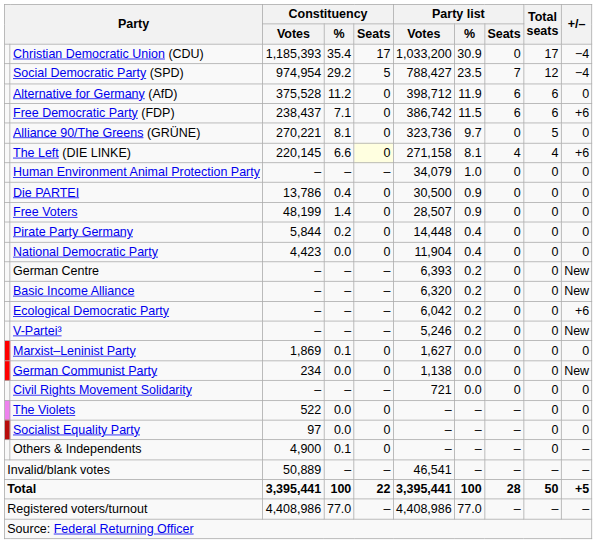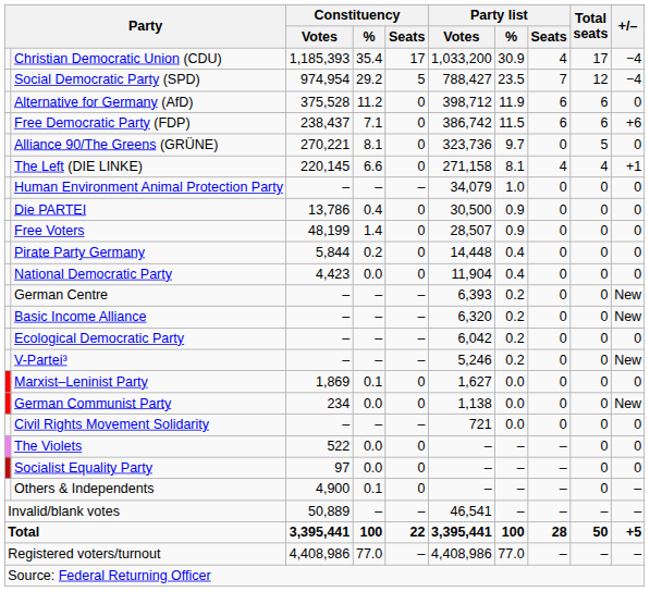 <table class="wikitable" style="text-align:right">
 <tr>
 <th colspan="2" rowspan="2">Party</th>
 <th colspan="3">Constituency</th>
 <th colspan="3">Party list</th>
 <th rowspan="2">Total<br>seats</th>
 <th rowspan="2">+/–</th>
 </tr>
 <tr>
 <th>Votes</th>
 <th>%</th>
 <th>Seats</th>
 <th>Votes</th>
 <th>%</th>
 <th>Seats</th>
 </tr>
 <tr>
 <td></td>
 <td align="left"><a href='#'>Christian Democratic Union</a> (CDU)</td>
 <td>1,185,393</td>
 <td>35.4</td>
 <td>17</td>
 <td>1,033,200</td>
 <td>30.9</td>
-<td>0</td>
+<td>4</td>
 <td>17</td>
 <td>−4</td>
 </tr>
 <tr>
 <td></td>
 <td align="left"><a href='#'>Social Democratic Party</a> (SPD)</td>
 <td>974,954</td>
 <td>29.2</td>
 <td>5</td>
 <td>788,427</td>
 <td>23.5</td>
 <td>7</td>
 <td>12</td>
 <td>−4</td>
 </tr>
 <tr>
 <td></td>
 <td align="left"><a href='#'>Alternative for Germany</a> (AfD)</td>
 <td>375,528</td>
 <td>11.2</td>
 <td>0</td>
 <td>398,712</td>
 <td>11.9</td>
 <td>6</td>
 <td>6</td>
 <td>0</td>
 </tr>
 <tr>
 <td></td>
 <td align="left"><a href='#'>Free Democratic Party</a> (FDP)</td>
 <td>238,437</td>
 <td>7.1</td>
 <td>0</td>
 <td>386,742</td>
 <td>11.5</td>
 <td>6</td>
 <td>6</td>
 <td>+6</td>
 </tr>
 <tr>
 <td></td>
 <td align="left"><a href='#'>Alliance 90/The Greens</a> (GRÜNE)</td>
 <td>270,221</td>
 <td>8.1</td>
 <td>0</td>
 <td>323,736</td>
 <td>9.7</td>
 <td>0</td>
 <td>5</td>
 <td>0</td>
 </tr>
 <tr>
 <td></td>
 <td align="left"><a href='#'>The Left</a> (DIE LINKE)</td>
 <td>220,145</td>
 <td>6.6</td>
-<td style="background: lightyellow;">0</td>
+<td>0</td>
 <td>271,158</td>
 <td>8.1</td>
 <td>4</td>
 <td>4</td>
-<td>+6</td>
+<td>+1</td>
 </tr>
 <tr>
 <td style="background-color:"></td>
 <td align="left"><a href='#'>Human Environment Animal Protection Party</a></td>
 <td>–</td>
 <td>–</td>
 <td>–</td>
 <td>34,079</td>
 <td>1.0</td>
 <td>0</td>
 <td>0</td>
 <td>0</td>
 </tr>
 <tr>
 <td style="background-color:"></td>
 <td align="left"><a href='#'>Die PARTEI</a></td>
 <td>13,786</td>
 <td>0.4</td>
 <td>0</td>
 <td>30,500</td>
 <td>0.9</td>
 <td>0</td>
 <td>0</td>
 <td>0</td>
 </tr>
 <tr>
 <td style="background-color:"></td>
 <td align="left"><a href='#'>Free Voters</a></td>
 <td>48,199</td>
 <td>1.4</td>
 <td>0</td>
 <td>28,507</td>
 <td>0.9</td>
 <td>0</td>
 <td>0</td>
 <td>0</td>
 </tr>
 <tr>
 <td style="background-color:"></td>
 <td align="left"><a href='#'>Pirate Party Germany</a></td>
 <td>5,844</td>
 <td>0.2</td>
 <td>0</td>
 <td>14,448</td>
 <td>0.4</td>
 <td>0</td>
 <td>0</td>
 <td>0</td>
 </tr>
 <tr>
 <td style="background-color:"></td>
 <td align="left"><a href='#'>National Democratic Party</a></td>
 <td>4,423</td>
 <td>0.0</td>
 <td>0</td>
 <td>11,904</td>
 <td>0.4</td>
 <td>0</td>
 <td>0</td>
 <td>0</td>
 </tr>
 <tr>
 <td></td>
 <td align="left">German Centre</td>
 <td>–</td>
 <td>–</td>
 <td>–</td>
 <td>6,393</td>
 <td>0.2</td>
 <td>0</td>
 <td>0</td>
 <td>New</td>
 </tr>
 <tr>
 <td style="background-color:"></td>
 <td align="left"><a href='#'>Basic Income Alliance</a></td>
 <td>–</td>
 <td>–</td>
 <td>–</td>
 <td>6,320</td>
 <td>0.2</td>
 <td>0</td>
 <td>0</td>
 <td>New</td>
 </tr>
 <tr>
 <td style="background-color:"></td>
 <td align="left"><a href='#'>Ecological Democratic Party</a></td>
 <td>–</td>
 <td>–</td>
 <td>–</td>
 <td>6,042</td>
 <td>0.2</td>
 <td>0</td>
 <td>0</td>
-<td>+6</td>
+<td>0</td>
 </tr>
 <tr>
 <td style="background-color:"></td>
 <td align="left"><a href='#'>V-Partei³</a></td>
 <td>–</td>
 <td>–</td>
 <td>–</td>
 <td>5,246</td>
 <td>0.2</td>
 <td>0</td>
 <td>0</td>
 <td>New</td>
 </tr>
 <tr>
 <td style="background-color:red"></td>
 <td align="left"><a href='#'>Marxist–Leninist Party</a></td>
 <td>1,869</td>
 <td>0.1</td>
 <td>0</td>
 <td>1,627</td>
 <td>0.0</td>
 <td>0</td>
 <td>0</td>
 <td>0</td>
 </tr>
 <tr>
 <td style="background-color:red"></td>
 <td align="left"><a href='#'>German Communist Party</a></td>
 <td>234</td>
 <td>0.0</td>
 <td>0</td>
 <td>1,138</td>
 <td>0.0</td>
 <td>0</td>
 <td>0</td>
 <td>New</td>
 </tr>
 <tr>
 <td></td>
 <td align="left"><a href='#'>Civil Rights Movement Solidarity</a></td>
 <td>–</td>
 <td>–</td>
 <td>–</td>
 <td>721</td>
 <td>0.0</td>
 <td>0</td>
 <td>0</td>
 <td>0</td>
 </tr>
 <tr>
 <td style="background-color:violet"></td>
 <td align="left"><a href='#'>The Violets</a></td>
 <td>522</td>
 <td>0.0</td>
 <td>0</td>
 <td>–</td>
 <td>–</td>
 <td>–</td>
 <td>0</td>
 <td>0</td>
 </tr>
 <tr>
 <td style="background-color:#B80D0C"></td>
 <td align="left"><a href='#'>Socialist Equality Party</a></td>
 <td>97</td>
 <td>0.0</td>
 <td>0</td>
 <td>–</td>
 <td>–</td>
 <td>–</td>
 <td>0</td>
 <td>0</td>
 </tr>
 <tr>
 <td></td>
 <td align="left">Others & Independents</td>
 <td>4,900</td>
 <td>0.1</td>
 <td>0</td>
 <td>–</td>
 <td>–</td>
 <td>–</td>
 <td>0</td>
 <td>–</td>
 </tr>
 <tr>
 <td colspan="2" align="left">Invalid/blank votes</td>
 <td>50,889</td>
 <td>–</td>
 <td>–</td>
 <td>46,541</td>
 <td>–</td>
 <td>–</td>
 <td>–</td>
 <td>–</td>
 </tr>
 <tr>
 <td colspan="2" align="left"><strong>Total</strong></td>
 <td><strong>3,395,441</strong></td>
 <td><strong>100</strong></td>
 <td><strong>22</strong></td>
 <td><strong>3,395,441</strong></td>
 <td><strong>100</strong></td>
 <td><strong>28</strong></td>
 <td><strong>50</strong></td>
 <td><strong>+5</strong></td>
 </tr>
 <tr>
 <td colspan="2" align="left">Registered voters/turnout</td>
 <td>4,408,986</td>
 <td>77.0</td>
 <td>–</td>
 <td>4,408,986</td>
 <td>77.0</td>
 <td>–</td>
 <td>–</td>
 <td>–</td>
 </tr>
 <tr>
 <td colspan="10" align="left">Source: <a href='#'>Federal Returning Officer</a></td>
 </tr>
 </table>
